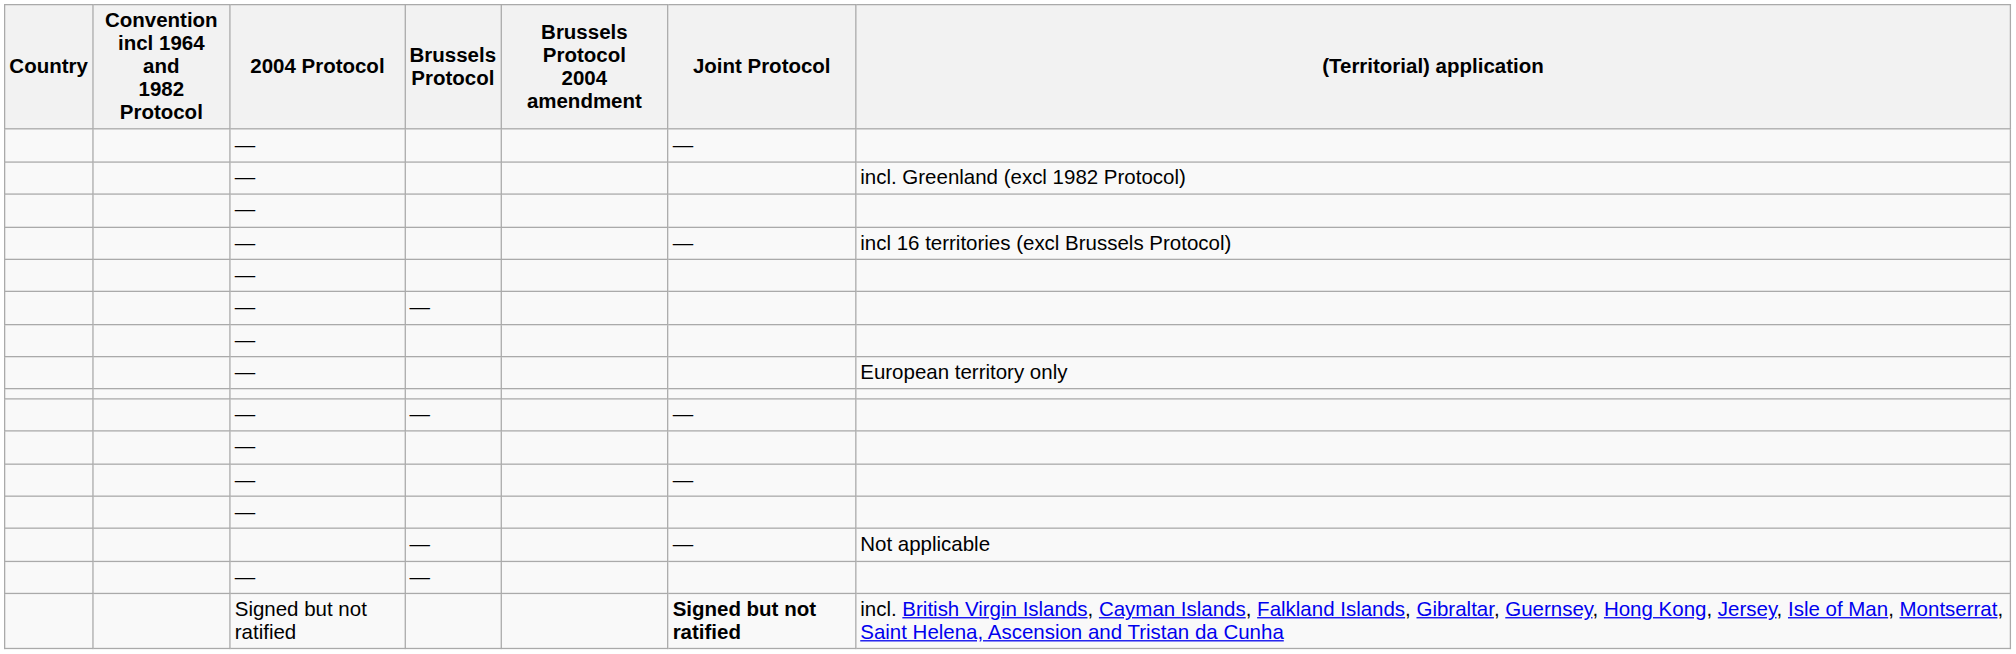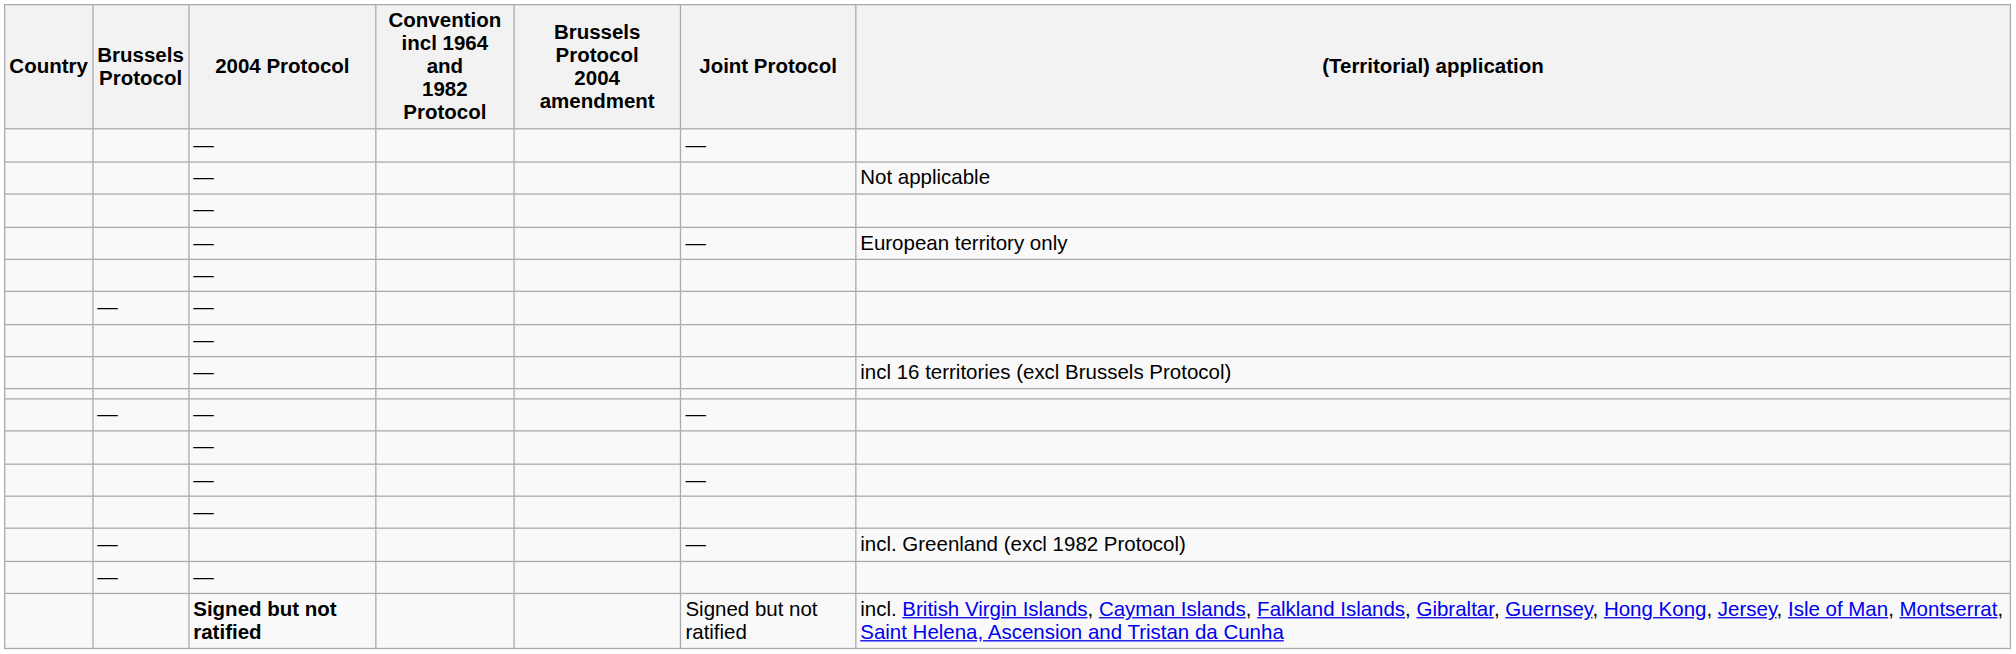 <table class="wikitable sortable">
 <tr>
 <th>Country</th>
+<th>Brussels<br>Protocol</th>
+<th>2004 Protocol</th>
 <th>Convention<br>incl 1964 and<br>1982 Protocol</th>
-<th>2004 Protocol</th>
-<th>Brussels<br>Protocol</th>
 <th>Brussels Protocol<br>2004 amendment</th>
 <th>Joint Protocol</th>
 <th>(Territorial) application</th>
 </tr>
 <tr>
 <td></td>
 <td></td>
 <td>—</td>
 <td></td>
 <td></td>
 <td>—</td>
 <td></td>
 </tr>
 <tr>
 <td></td>
 <td></td>
 <td>—</td>
 <td></td>
 <td></td>
 <td></td>
-<td>incl. Greenland (excl 1982 Protocol)</td>
+<td>Not applicable</td>
 </tr>
 <tr>
 <td></td>
 <td></td>
 <td>—</td>
 <td></td>
 <td></td>
 <td></td>
 <td></td>
 </tr>
 <tr>
 <td></td>
 <td></td>
 <td>—</td>
 <td></td>
 <td></td>
 <td>—</td>
-<td>incl 16 territories (excl Brussels Protocol)</td>
+<td>European territory only</td>
 </tr>
 <tr>
 <td></td>
 <td></td>
 <td>—</td>
 <td></td>
 <td></td>
 <td></td>
 <td></td>
 </tr>
 <tr>
 <td></td>
-<td></td>
 <td>—</td>
 <td>—</td>
+<td></td>
 <td></td>
 <td></td>
 <td></td>
 </tr>
 <tr>
 <td></td>
 <td></td>
 <td>—</td>
 <td></td>
 <td></td>
 <td></td>
 <td></td>
 </tr>
 <tr>
 <td></td>
 <td></td>
 <td>—</td>
 <td></td>
 <td></td>
 <td></td>
-<td>European territory only</td>
+<td>incl 16 territories (excl Brussels Protocol)</td>
 </tr>
 <tr>
 <td></td>
 <td></td>
 <td></td>
 <td></td>
 <td></td>
 <td></td>
 <td></td>
 </tr>
 <tr>
 <td></td>
-<td></td>
 <td>—</td>
 <td>—</td>
+<td></td>
 <td></td>
 <td>—</td>
 <td></td>
 </tr>
 <tr>
 <td></td>
 <td></td>
 <td>—</td>
 <td></td>
 <td></td>
 <td></td>
 <td></td>
 </tr>
 <tr>
 <td></td>
 <td></td>
 <td>—</td>
 <td></td>
 <td></td>
 <td>—</td>
 <td></td>
 </tr>
 <tr>
 <td></td>
 <td></td>
 <td>—</td>
 <td></td>
 <td></td>
 <td></td>
 <td></td>
 </tr>
 <tr>
 <td></td>
+<td>—</td>
+<td></td>
 <td></td>
 <td></td>
 <td>—</td>
-<td></td>
-<td>—</td>
-<td>Not applicable</td>
+<td>incl. Greenland (excl 1982 Protocol)</td>
 </tr>
 <tr>
 <td></td>
-<td></td>
 <td>—</td>
 <td>—</td>
+<td></td>
 <td></td>
 <td></td>
 <td></td>
 </tr>
 <tr>
 <td></td>
 <td></td>
-<td>Signed but not ratified</td>
+<td><strong>Signed but not ratified</strong></td>
 <td></td>
 <td></td>
-<td><strong>Signed but not ratified</strong></td>
+<td>Signed but not ratified</td>
 <td>incl. <a href='#'>British Virgin Islands</a>, <a href='#'>Cayman Islands</a>, <a href='#'>Falkland Islands</a>, <a href='#'>Gibraltar</a>, <a href='#'>Guernsey</a>, <a href='#'>Hong Kong</a>, <a href='#'>Jersey</a>, <a href='#'>Isle of Man</a>, <a href='#'>Montserrat</a>, <a href='#'>Saint Helena, Ascension and Tristan da Cunha</a></td>
 </tr>
 </table>
